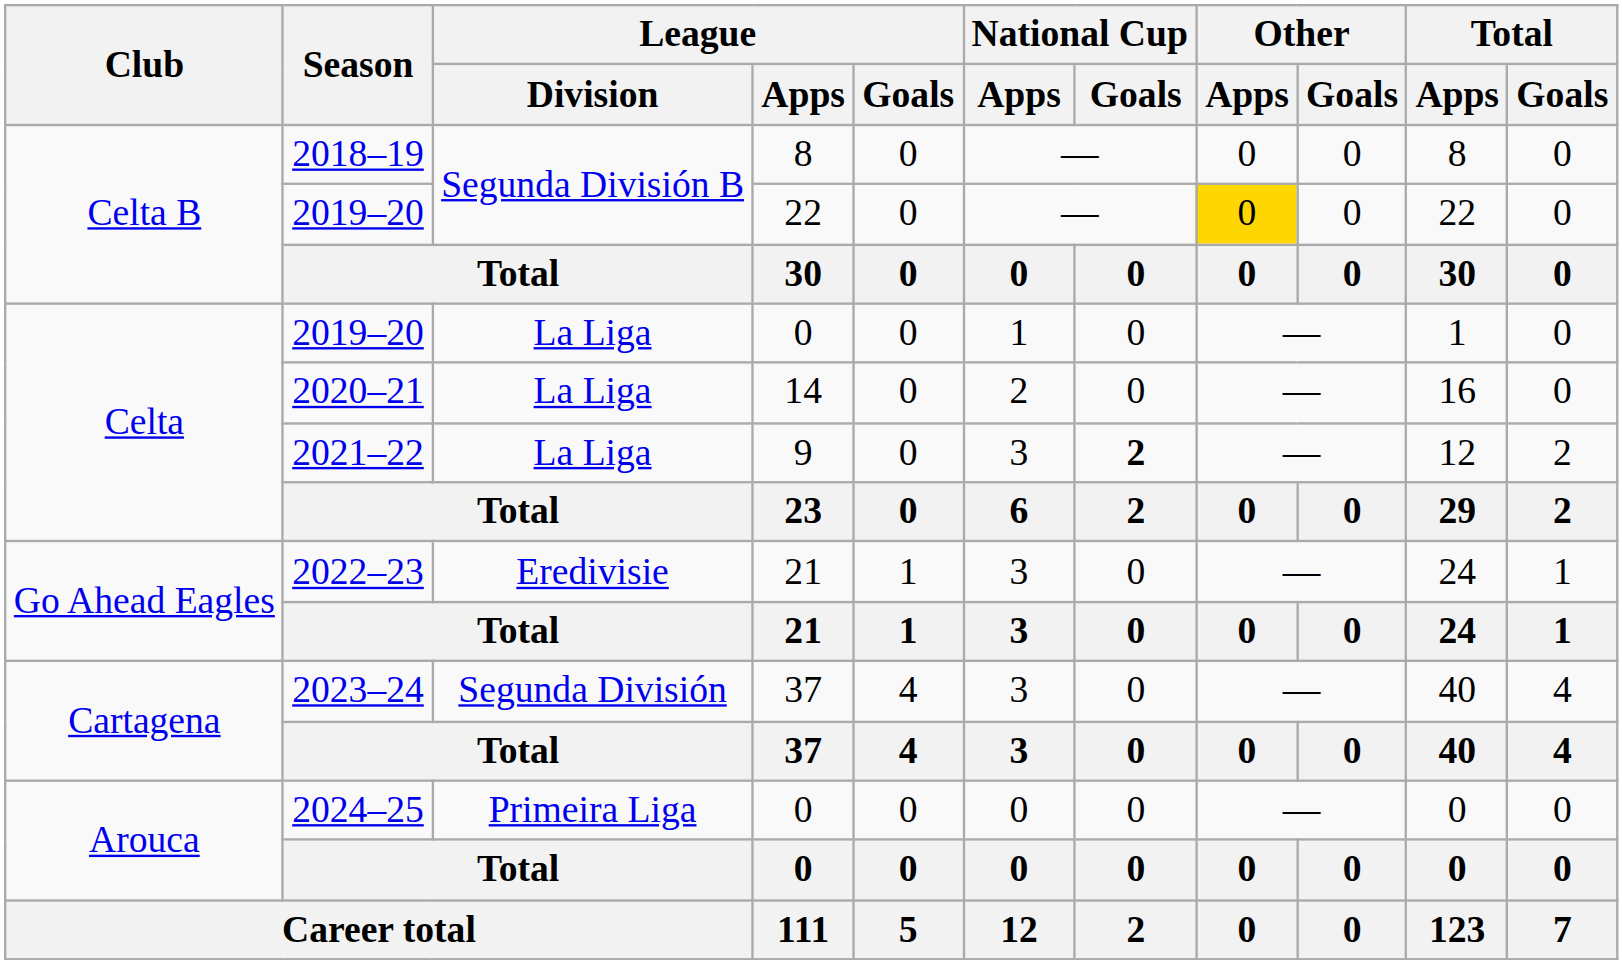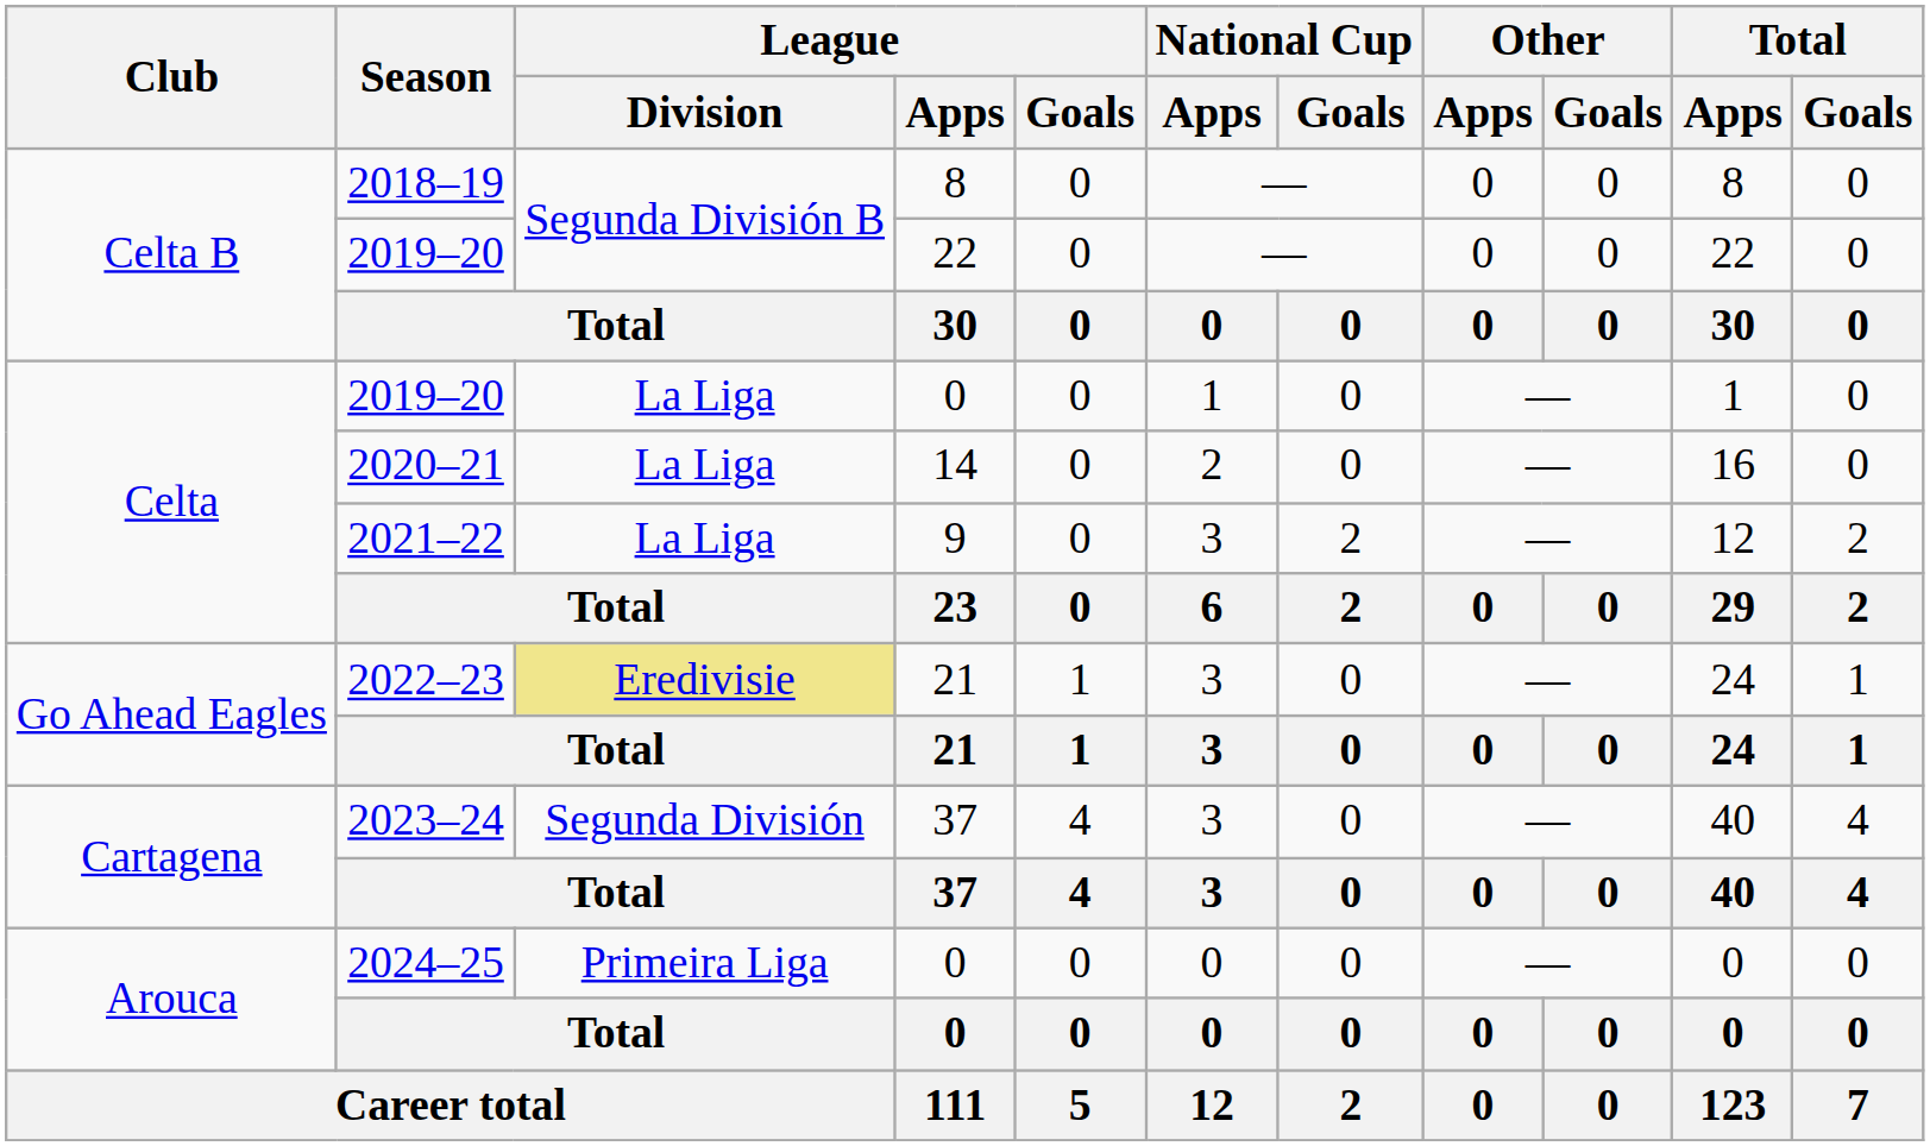 <table class="wikitable" style="text-align:center">
 <tr>
 <th rowspan="2">Club</th>
 <th rowspan="2">Season</th>
 <th colspan="3">League</th>
 <th colspan="2">National Cup</th>
 <th colspan="2">Other</th>
 <th colspan="2">Total</th>
 </tr>
 <tr>
 <th>Division</th>
 <th>Apps</th>
 <th>Goals</th>
 <th>Apps</th>
 <th>Goals</th>
 <th>Apps</th>
 <th>Goals</th>
 <th>Apps</th>
 <th>Goals</th>
 </tr>
 <tr>
 <td rowspan="3"><a href='#'>Celta B</a></td>
 <td><a href='#'>2018–19</a></td>
 <td rowspan="2"><a href='#'>Segunda División B</a></td>
 <td>8</td>
 <td>0</td>
 <td colspan="2">—</td>
 <td>0</td>
 <td>0</td>
 <td>8</td>
 <td>0</td>
 </tr>
 <tr>
 <td><a href='#'>2019–20</a></td>
 <td>22</td>
 <td>0</td>
 <td colspan="2">—</td>
-<td style="background: gold;">0</td>
+<td>0</td>
 <td>0</td>
 <td>22</td>
 <td>0</td>
 </tr>
 <tr>
 <th colspan="2">Total</th>
 <th>30</th>
 <th>0</th>
 <th>0</th>
 <th>0</th>
 <th>0</th>
 <th>0</th>
 <th>30</th>
 <th>0</th>
 </tr>
 <tr>
 <td rowspan="4"><a href='#'>Celta</a></td>
 <td><a href='#'>2019–20</a></td>
 <td><a href='#'>La Liga</a></td>
 <td>0</td>
 <td>0</td>
 <td>1</td>
 <td>0</td>
 <td colspan="2">—</td>
 <td>1</td>
 <td>0</td>
 </tr>
 <tr>
 <td><a href='#'>2020–21</a></td>
 <td><a href='#'>La Liga</a></td>
 <td>14</td>
 <td>0</td>
 <td>2</td>
 <td>0</td>
 <td colspan="2">—</td>
 <td>16</td>
 <td>0</td>
 </tr>
 <tr>
 <td><a href='#'>2021–22</a></td>
 <td><a href='#'>La Liga</a></td>
 <td>9</td>
 <td>0</td>
 <td>3</td>
-<td><strong>2</strong></td>
+<td>2</td>
 <td colspan="2">—</td>
 <td>12</td>
 <td>2</td>
 </tr>
 <tr>
 <th colspan="2">Total</th>
 <th>23</th>
 <th>0</th>
 <th>6</th>
 <th>2</th>
 <th>0</th>
 <th>0</th>
 <th>29</th>
 <th>2</th>
 </tr>
 <tr>
 <td rowspan="2"><a href='#'>Go Ahead Eagles</a></td>
 <td><a href='#'>2022–23</a></td>
-<td><a href='#'>Eredivisie</a></td>
+<td style="background: khaki;"><a href='#'>Eredivisie</a></td>
 <td>21</td>
 <td>1</td>
 <td>3</td>
 <td>0</td>
 <td colspan="2">—</td>
 <td>24</td>
 <td>1</td>
 </tr>
 <tr>
 <th colspan="2">Total</th>
 <th>21</th>
 <th>1</th>
 <th>3</th>
 <th>0</th>
 <th>0</th>
 <th>0</th>
 <th>24</th>
 <th>1</th>
 </tr>
 <tr>
 <td rowspan="2"><a href='#'>Cartagena</a></td>
 <td><a href='#'>2023–24</a></td>
 <td><a href='#'>Segunda División</a></td>
 <td>37</td>
 <td>4</td>
 <td>3</td>
 <td>0</td>
 <td colspan="2">—</td>
 <td>40</td>
 <td>4</td>
 </tr>
 <tr>
 <th colspan="2">Total</th>
 <th>37</th>
 <th>4</th>
 <th>3</th>
 <th>0</th>
 <th>0</th>
 <th>0</th>
 <th>40</th>
 <th>4</th>
 </tr>
 <tr>
 <td rowspan="2"><a href='#'>Arouca</a></td>
 <td><a href='#'>2024–25</a></td>
 <td><a href='#'>Primeira Liga</a></td>
 <td>0</td>
 <td>0</td>
 <td>0</td>
 <td>0</td>
 <td colspan="2">—</td>
 <td>0</td>
 <td>0</td>
 </tr>
 <tr>
 <th colspan="2">Total</th>
 <th>0</th>
 <th>0</th>
 <th>0</th>
 <th>0</th>
 <th>0</th>
 <th>0</th>
 <th>0</th>
 <th>0</th>
 </tr>
 <tr>
 <th colspan="3">Career total</th>
 <th>111</th>
 <th>5</th>
 <th>12</th>
 <th>2</th>
 <th>0</th>
 <th>0</th>
 <th>123</th>
 <th>7</th>
 </tr>
 </table>
